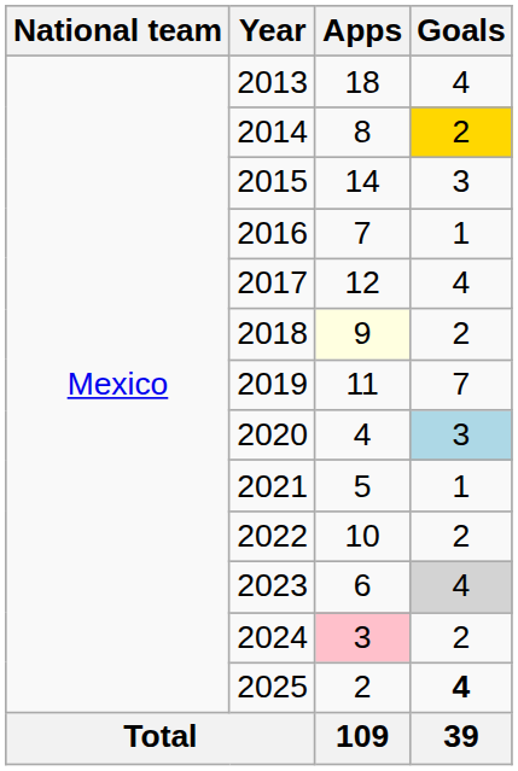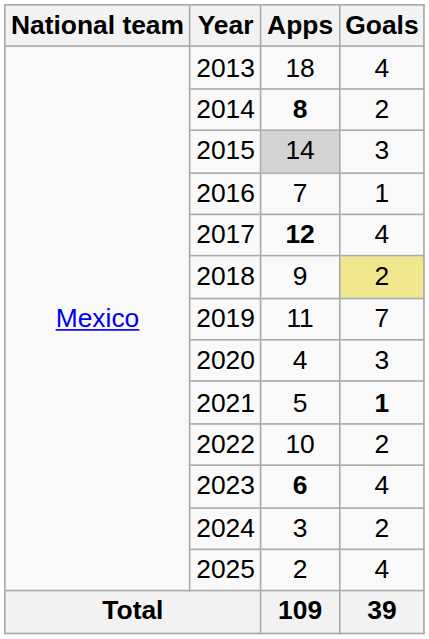 <table class="wikitable" style="text-align:center">
 <tr>
 <th>National team</th>
 <th>Year</th>
 <th>Apps</th>
 <th>Goals</th>
 </tr>
 <tr>
 <td rowspan="13"><a href='#'>Mexico</a></td>
 <td>2013</td>
 <td>18</td>
 <td>4</td>
 </tr>
 <tr>
 <td>2014</td>
-<td>8</td>
-<td style="background: gold;">2</td>
+<td><strong>8</strong></td>
+<td>2</td>
 </tr>
 <tr>
 <td>2015</td>
-<td>14</td>
+<td style="background: lightgrey;">14</td>
 <td>3</td>
 </tr>
 <tr>
 <td>2016</td>
 <td>7</td>
 <td>1</td>
 </tr>
 <tr>
 <td>2017</td>
-<td>12</td>
+<td><strong>12</strong></td>
 <td>4</td>
 </tr>
 <tr>
 <td>2018</td>
-<td style="background: lightyellow;">9</td>
-<td>2</td>
+<td>9</td>
+<td style="background: khaki;">2</td>
 </tr>
 <tr>
 <td>2019</td>
 <td>11</td>
 <td>7</td>
 </tr>
 <tr>
 <td>2020</td>
 <td>4</td>
-<td style="background: lightblue;">3</td>
+<td>3</td>
 </tr>
 <tr>
 <td>2021</td>
 <td>5</td>
-<td>1</td>
+<td><strong>1</strong></td>
 </tr>
 <tr>
 <td>2022</td>
 <td>10</td>
 <td>2</td>
 </tr>
 <tr>
 <td>2023</td>
-<td>6</td>
-<td style="background: lightgrey;">4</td>
+<td><strong>6</strong></td>
+<td>4</td>
 </tr>
 <tr>
 <td>2024</td>
-<td style="background: pink;">3</td>
+<td>3</td>
 <td>2</td>
 </tr>
 <tr>
 <td>2025</td>
 <td>2</td>
-<td><strong>4</strong></td>
+<td>4</td>
 </tr>
 <tr>
 <th colspan="2">Total</th>
 <th>109</th>
 <th>39</th>
 </tr>
 </table>
